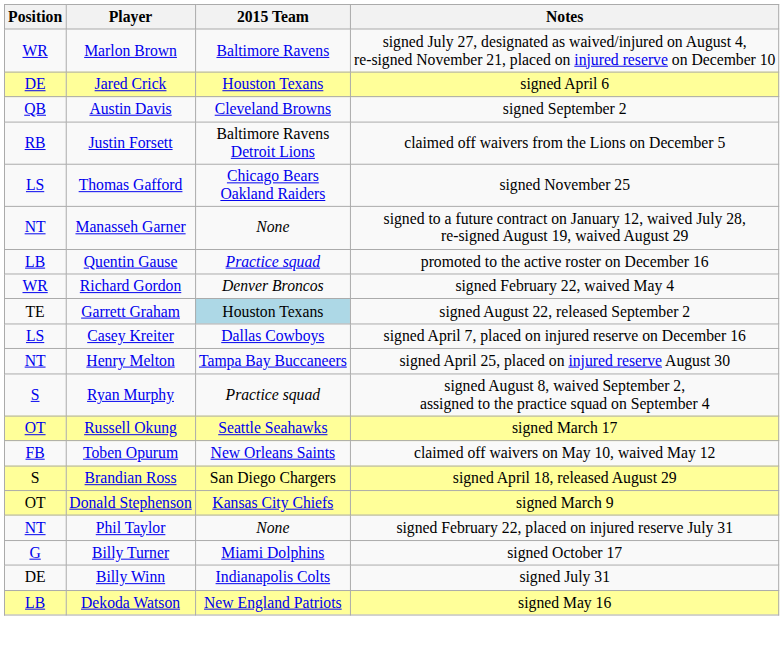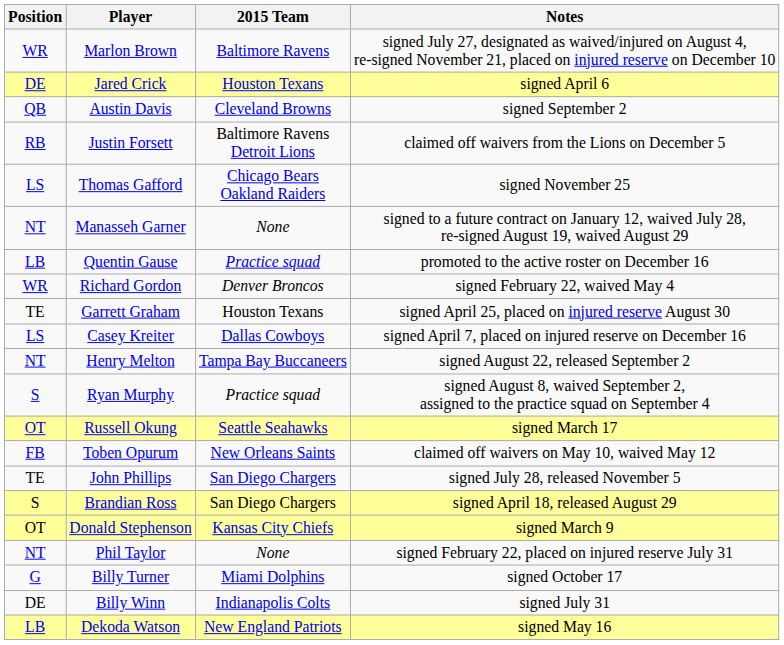 <table class="wikitable" style="text-align:center">
 <tr>
 <th>Position</th>
 <th>Player</th>
 <th>2015 Team</th>
 <th>Notes</th>
 </tr>
 <tr>
 <td><a href='#'>WR</a></td>
 <td><a href='#'>Marlon Brown</a></td>
 <td><a href='#'>Baltimore Ravens</a></td>
 <td>signed July 27, designated as waived/injured on August 4,<br>re-signed November 21, placed on <a href='#'>injured reserve</a> on December 10</td>
 </tr>
 <tr style="background:#ff9">
 <td><a href='#'>DE</a></td>
 <td><a href='#'>Jared Crick</a></td>
 <td><a href='#'>Houston Texans</a></td>
 <td>signed April 6</td>
 </tr>
 <tr>
 <td><a href='#'>QB</a></td>
 <td><a href='#'>Austin Davis</a></td>
 <td><a href='#'>Cleveland Browns</a></td>
 <td>signed September 2</td>
 </tr>
 <tr>
 <td><a href='#'>RB</a></td>
 <td><a href='#'>Justin Forsett</a></td>
 <td>Baltimore Ravens<br><a href='#'>Detroit Lions</a></td>
 <td>claimed off waivers from the Lions on December 5</td>
 </tr>
 <tr>
 <td><a href='#'>LS</a></td>
 <td><a href='#'>Thomas Gafford</a></td>
 <td><a href='#'>Chicago Bears</a><br><a href='#'>Oakland Raiders</a></td>
 <td>signed November 25</td>
 </tr>
 <tr>
 <td><a href='#'>NT</a></td>
 <td><a href='#'>Manasseh Garner</a></td>
 <td><em>None</em></td>
 <td>signed to a future contract on January 12, waived July 28,<br>re-signed August 19, waived August 29</td>
 </tr>
 <tr>
 <td><a href='#'>LB</a></td>
 <td><a href='#'>Quentin Gause</a></td>
 <td><em><a href='#'>Practice squad</a></em></td>
 <td>promoted to the active roster on December 16</td>
 </tr>
 <tr>
 <td><a href='#'>WR</a></td>
 <td><a href='#'>Richard Gordon</a></td>
 <td><em>Denver Broncos</em></td>
 <td>signed February 22, waived May 4</td>
 </tr>
 <tr>
 <td>TE</td>
 <td><a href='#'>Garrett Graham</a></td>
-<td style="background: lightblue;">Houston Texans</td>
-<td>signed August 22, released September 2</td>
+<td>Houston Texans</td>
+<td>signed April 25, placed on <a href='#'>injured reserve</a> August 30</td>
 </tr>
 <tr>
 <td><a href='#'>LS</a></td>
 <td><a href='#'>Casey Kreiter</a></td>
 <td><a href='#'>Dallas Cowboys</a></td>
 <td>signed April 7, placed on injured reserve on December 16</td>
 </tr>
 <tr>
 <td><a href='#'>NT</a></td>
 <td><a href='#'>Henry Melton</a></td>
 <td><a href='#'>Tampa Bay Buccaneers</a></td>
-<td>signed April 25, placed on <a href='#'>injured reserve</a> August 30</td>
+<td>signed August 22, released September 2</td>
 </tr>
 <tr>
 <td><a href='#'>S</a></td>
 <td><a href='#'>Ryan Murphy</a></td>
 <td><em>Practice squad</em></td>
 <td>signed August 8, waived September 2,<br>assigned to the practice squad on September 4</td>
 </tr>
 <tr style="background:#ff9">
 <td><a href='#'>OT</a></td>
 <td><a href='#'>Russell Okung</a></td>
 <td><a href='#'>Seattle Seahawks</a></td>
 <td>signed March 17</td>
 </tr>
 <tr>
 <td><a href='#'>FB</a></td>
 <td><a href='#'>Toben Opurum</a></td>
 <td><a href='#'>New Orleans Saints</a></td>
 <td>claimed off waivers on May 10, waived May 12</td>
+</tr>
+<tr>
+<td>TE</td>
+<td><a href='#'>John Phillips</a></td>
+<td><a href='#'>San Diego Chargers</a></td>
+<td>signed July 28, released November 5</td>
 </tr>
 <tr style="background:#ff9">
 <td>S</td>
 <td><a href='#'>Brandian Ross</a></td>
 <td>San Diego Chargers</td>
 <td>signed April 18, released August 29</td>
 </tr>
 <tr style="background:#ff9">
 <td>OT</td>
 <td><a href='#'>Donald Stephenson</a></td>
 <td><a href='#'>Kansas City Chiefs</a></td>
 <td>signed March 9</td>
 </tr>
 <tr>
 <td><a href='#'>NT</a></td>
 <td><a href='#'>Phil Taylor</a></td>
 <td><em>None</em></td>
 <td>signed February 22, placed on injured reserve July 31</td>
 </tr>
 <tr>
 <td><a href='#'>G</a></td>
 <td><a href='#'>Billy Turner</a></td>
 <td><a href='#'>Miami Dolphins</a></td>
 <td>signed October 17</td>
 </tr>
 <tr>
 <td>DE</td>
 <td><a href='#'>Billy Winn</a></td>
 <td><a href='#'>Indianapolis Colts</a></td>
 <td>signed July 31</td>
 </tr>
 <tr style="background:#ff9">
 <td><a href='#'>LB</a></td>
 <td><a href='#'>Dekoda Watson</a></td>
 <td><a href='#'>New England Patriots</a></td>
 <td>signed May 16</td>
 </tr>
 </table>
